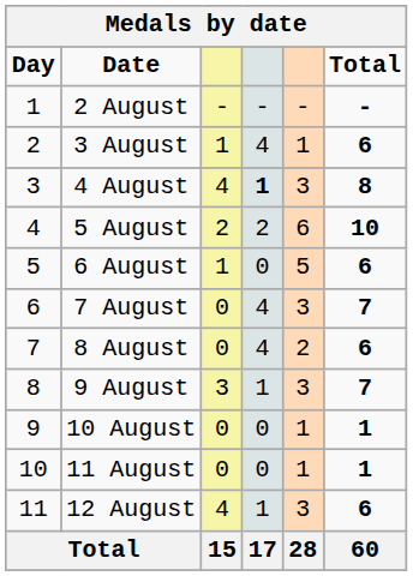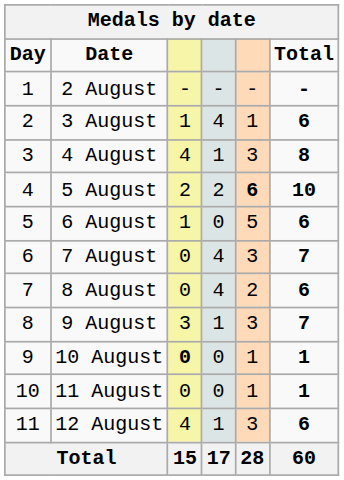 <table class="wikitable" style="font-size:90%; text-align:center;">
 <tr style="background:#efefef;">
 <th colspan=6><strong>Medals by date</strong></th>
 </tr>
 <tr>
 <td><strong>Day</strong></td>
 <td><strong>Date</strong></td>
 <td style="background:#F7F6A8;"></td>
 <td style="background:#DCE5E5;"></td>
 <td style="background:#FFDAB9;"></td>
 <td><strong>Total</strong></td>
 </tr>
 <tr>
 <td>1</td>
 <td>2 August</td>
 <td style="background:#F7F6A8;">-</td>
 <td style="background:#DCE5E5;">-</td>
 <td style="background:#FFDAB9;">-</td>
 <td><strong>-</strong></td>
 </tr>
 <tr>
 <td>2</td>
 <td>3 August</td>
 <td style="background:#F7F6A8;">1</td>
 <td style="background:#DCE5E5;">4</td>
 <td style="background:#FFDAB9;">1</td>
 <td><strong>6</strong></td>
 </tr>
 <tr>
 <td>3</td>
 <td>4 August</td>
 <td style="background:#F7F6A8;">4</td>
-<td style="background:#DCE5E5;"><strong>1</strong></td>
+<td style="background:#DCE5E5;">1</td>
 <td style="background:#FFDAB9;">3</td>
 <td><strong>8</strong></td>
 </tr>
 <tr>
 <td>4</td>
 <td>5 August</td>
 <td style="background:#F7F6A8;">2</td>
 <td style="background:#DCE5E5;">2</td>
-<td style="background:#FFDAB9;">6</td>
+<td style="background:#FFDAB9;"><strong>6</strong></td>
 <td><strong>10</strong></td>
 </tr>
 <tr>
 <td>5</td>
 <td>6 August</td>
 <td style="background:#F7F6A8;">1</td>
 <td style="background:#DCE5E5;">0</td>
 <td style="background:#FFDAB9;">5</td>
 <td><strong>6</strong></td>
 </tr>
 <tr>
 <td>6</td>
 <td>7 August</td>
 <td style="background:#F7F6A8;">0</td>
 <td style="background:#DCE5E5;">4</td>
 <td style="background:#FFDAB9;">3</td>
 <td><strong>7</strong></td>
 </tr>
 <tr>
 <td>7</td>
 <td>8 August</td>
 <td style="background:#F7F6A8;">0</td>
 <td style="background:#DCE5E5;">4</td>
 <td style="background:#FFDAB9;">2</td>
 <td><strong>6</strong></td>
 </tr>
 <tr>
 <td>8</td>
 <td>9 August</td>
 <td style="background:#F7F6A8;">3</td>
 <td style="background:#DCE5E5;">1</td>
 <td style="background:#FFDAB9;">3</td>
 <td><strong>7</strong></td>
 </tr>
 <tr>
 <td>9</td>
 <td>10 August</td>
-<td style="background:#F7F6A8;">0</td>
+<td style="background:#F7F6A8;"><strong>0</strong></td>
 <td style="background:#DCE5E5;">0</td>
 <td style="background:#FFDAB9;">1</td>
 <td><strong>1</strong></td>
 </tr>
 <tr>
 <td>10</td>
 <td>11 August</td>
 <td style="background:#F7F6A8;">0</td>
 <td style="background:#DCE5E5;">0</td>
 <td style="background:#FFDAB9;">1</td>
 <td><strong>1</strong></td>
 </tr>
 <tr>
 <td>11</td>
 <td>12 August</td>
 <td style="background:#F7F6A8;">4</td>
 <td style="background:#DCE5E5;">1</td>
 <td style="background:#FFDAB9;">3</td>
 <td><strong>6</strong></td>
 </tr>
 <tr>
 <th colspan="2">Total</th>
 <th>15</th>
 <th>17</th>
 <th>28</th>
 <th>60</th>
 </tr>
 </table>
